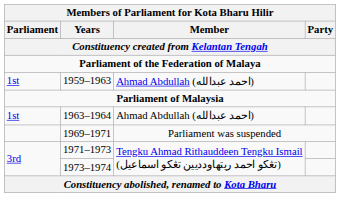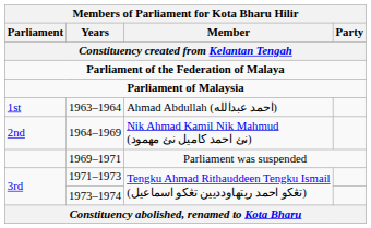 <table class=wikitable>
 <tr>
 <th colspan="4">Members of Parliament for Kota Bharu Hilir</th>
 </tr>
 <tr>
 <th>Parliament</th>
 <th>Years</th>
 <th>Member</th>
 <th>Party</th>
 </tr>
 <tr>
 <th colspan=4 align=center><em>Constituency created from <a href='#'>Kelantan Tengah</a></em></th>
 </tr>
 <tr>
 <td colspan=4 align=center><strong>Parliament of the Federation of Malaya</strong></td>
 </tr>
 <tr>
-<td><a href='#'>1st</a></td>
-<td>1959–1963</td>
-<td><a href='#'>Ahmad Abdullah</a> (احمد عبدالله)</td>
-<td></td>
-</tr>
-<tr>
 <td colspan=4 align=center><strong>Parliament of Malaysia</strong></td>
 </tr>
 <tr>
 <td><a href='#'>1st</a></td>
 <td>1963–1964</td>
 <td>Ahmad Abdullah (احمد عبدالله)</td>
+<td></td>
+</tr>
+<tr>
+<td><a href='#'>2nd</a></td>
+<td>1964–1969</td>
+<td><a href='#'>Nik Ahmad Kamil Nik Mahmud</a> <br>  (نئ احمد كاميل نئ مهمود)</td>
 <td></td>
 </tr>
 <tr>
 <td></td>
 <td>1969–1971</td>
 <td colspan="2" align="center">Parliament was suspended</td>
 </tr>
 <tr>
 <td rowspan=2><a href='#'>3rd</a></td>
 <td>1971–1973</td>
 <td rowspan="2"><a href='#'>Tengku Ahmad Rithauddeen Tengku Ismail</a> <br>  (تڠكو احمد ريتهاودديين تڠكو اسماعيل)</td>
 <td></td>
 </tr>
 <tr>
 <td>1973–1974</td>
 <td></td>
 </tr>
 <tr>
 <th colspan=4 align=center><em>Constituency abolished, renamed to <a href='#'>Kota Bharu</a></em></th>
 </tr>
 </table>
